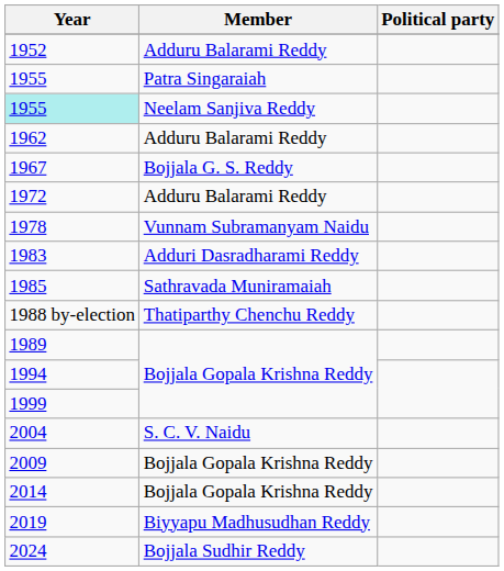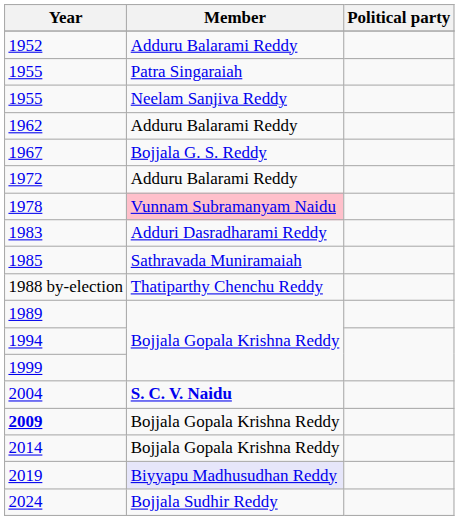 <table class="wikitable sortable">
 <tr>
 <th>Year</th>
 <th>Member</th>
 <th colspan="2">Political party</th>
 </tr>
 <tr>
 </tr>
 <tr>
 <td><a href='#'>1952</a></td>
 <td><a href='#'>Adduru Balarami Reddy</a></td>
 <td></td>
 </tr>
 <tr>
 <td><a href='#'>1955</a></td>
 <td><a href='#'>Patra Singaraiah</a></td>
 <td></td>
 </tr>
 <tr>
-<td style="background: paleturquoise;"><a href='#'>1955</a></td>
+<td><a href='#'>1955</a></td>
 <td><a href='#'>Neelam Sanjiva Reddy</a></td>
 <td></td>
 </tr>
 <tr>
 <td><a href='#'>1962</a></td>
 <td>Adduru Balarami Reddy</td>
 <td></td>
 </tr>
 <tr>
 <td><a href='#'>1967</a></td>
 <td><a href='#'>Bojjala G. S. Reddy</a></td>
 <td></td>
 </tr>
 <tr>
 <td><a href='#'>1972</a></td>
 <td>Adduru Balarami Reddy</td>
 </tr>
 <tr>
 <td><a href='#'>1978</a></td>
-<td><a href='#'>Vunnam Subramanyam Naidu</a></td>
+<td style="background: pink;"><a href='#'>Vunnam Subramanyam Naidu</a></td>
 <td></td>
 </tr>
 <tr>
 <td><a href='#'>1983</a></td>
 <td><a href='#'>Adduri Dasradharami Reddy</a></td>
 <td></td>
 </tr>
 <tr>
 <td><a href='#'>1985</a></td>
 <td><a href='#'>Sathravada Muniramaiah</a></td>
 </tr>
 <tr>
 <td>1988 by-election</td>
 <td><a href='#'>Thatiparthy Chenchu Reddy</a></td>
 <td></td>
 </tr>
 <tr>
 <td><a href='#'>1989</a></td>
 <td rowspan=3><a href='#'>Bojjala Gopala Krishna Reddy</a></td>
 <td></td>
 </tr>
 <tr>
 <td><a href='#'>1994</a></td>
 </tr>
 <tr>
 <td><a href='#'>1999</a></td>
 </tr>
 <tr>
 <td><a href='#'>2004</a></td>
-<td><a href='#'>S. C. V. Naidu</a></td>
+<td><strong><a href='#'>S. C. V. Naidu</a></strong></td>
 <td></td>
 </tr>
 <tr>
-<td><a href='#'>2009</a></td>
+<td><strong><a href='#'>2009</a></strong></td>
 <td>Bojjala Gopala Krishna Reddy</td>
 <td></td>
 </tr>
 <tr>
 <td><a href='#'>2014</a></td>
 <td>Bojjala Gopala Krishna Reddy</td>
 <td></td>
 </tr>
 <tr>
 <td><a href='#'>2019</a></td>
-<td><a href='#'>Biyyapu Madhusudhan Reddy</a></td>
+<td style="background: lavender;"><a href='#'>Biyyapu Madhusudhan Reddy</a></td>
 <td></td>
 </tr>
 <tr>
 <td><a href='#'>2024</a></td>
 <td><a href='#'>Bojjala Sudhir Reddy</a></td>
 <td></td>
 </tr>
 </table>
